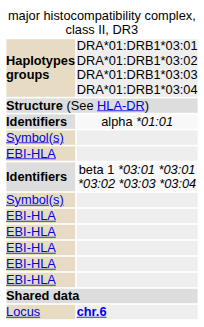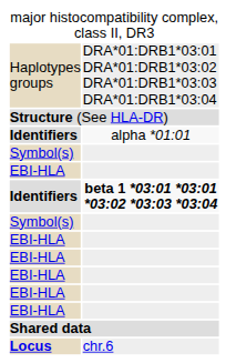 <table id="drugInfoBox" style="float: right; clear: right; margin: 0 0 0.5em 1em; background: #ffffff;" class="toccolours" border=0 cellpadding=0 align=right width="240px">
 <tr>
 <td align="center" colspan="3"></td>
 </tr>
 <tr>
 <td align="center" colspan="2"></td>
 </tr>
 <tr>
 <td align="center" colspan="2"><div>major histocompatibility complex, class II, DR3</div></td>
 </tr>
 <tr>
-<td bgcolor="#e7dcc3"><strong>Haplotypes groups</strong></td>
+<td bgcolor="#e7dcc3">Haplotypes groups</td>
 <td bgcolor="#eeeeee">DRA*01:DRB1*03:01 DRA*01:DRB1*03:02 DRA*01:DRB1*03:03 DRA*01:DRB1*03:04</td>
 </tr>
 <tr>
 <td colspan="2" bgcolor="#dddddd"><strong>Structure</strong> (See <a href='#'>HLA-DR</a>)</td>
 </tr>
 <tr style="background:#f8f8f8">
 <td bgcolor="#dddddd"><strong>Identifiers</strong></td>
 <td align="center"><div>alpha <em>*01:01</em></div></td>
 </tr>
 <tr>
 <td bgcolor="#e7dcc3"><a href='#'>Symbol(s)</a></td>
 <td bgcolor="#eeeeee"></td>
 </tr>
 <tr>
 <td bgcolor="#e7dcc3"><a href='#'>EBI-HLA</a></td>
 <td bgcolor="#eeeeee"></td>
 </tr>
 <tr style="background:#f8f8f8">
 <td bgcolor="#dddddd"><strong>Identifiers</strong></td>
-<td align="center"><div>beta 1 <em>*03:01</em> <em>*03:01</em> <em>*03:02</em> <em>*03:03</em> <em>*03:04</em> </div></td>
+<td align="center"><strong><div>beta 1 <em>*03:01</em> <em>*03:01</em> <em>*03:02</em> <em>*03:03</em> <em>*03:04</em> </div></strong></td>
 </tr>
 <tr>
 <td bgcolor="#e7dcc3"><a href='#'>Symbol(s)</a></td>
 <td bgcolor="#eeeeee"></td>
 </tr>
 <tr>
 <td bgcolor="#e7dcc3"><a href='#'>EBI-HLA</a></td>
 <td bgcolor="#eeeeee"></td>
 </tr>
 <tr>
 <td bgcolor="#e7dcc3"><a href='#'>EBI-HLA</a></td>
 <td bgcolor="#eeeeee"></td>
 </tr>
 <tr>
 <td bgcolor="#e7dcc3"><a href='#'>EBI-HLA</a></td>
 <td bgcolor="#eeeeee"></td>
 </tr>
 <tr>
 <td bgcolor="#e7dcc3"><a href='#'>EBI-HLA</a></td>
 <td bgcolor="#eeeeee"></td>
 </tr>
 <tr>
 <td bgcolor="#e7dcc3"><a href='#'>EBI-HLA</a></td>
 <td bgcolor="#eeeeee"> </td>
 </tr>
 <tr>
 <td colspan="2" bgcolor="#dddddd"><strong>Shared data</strong></td>
 </tr>
 <tr>
-<td bgcolor="#e7dcc3"><a href='#'>Locus</a></td>
-<td bgcolor="#eeeeee"><strong><a href='#'>chr.6</a> <em></em></strong></td>
+<td bgcolor="#e7dcc3"><strong><a href='#'>Locus</a></strong></td>
+<td bgcolor="#eeeeee"><a href='#'>chr.6</a> <em></em></td>
 </tr>
 <tr>
 </tr>
 </table>
